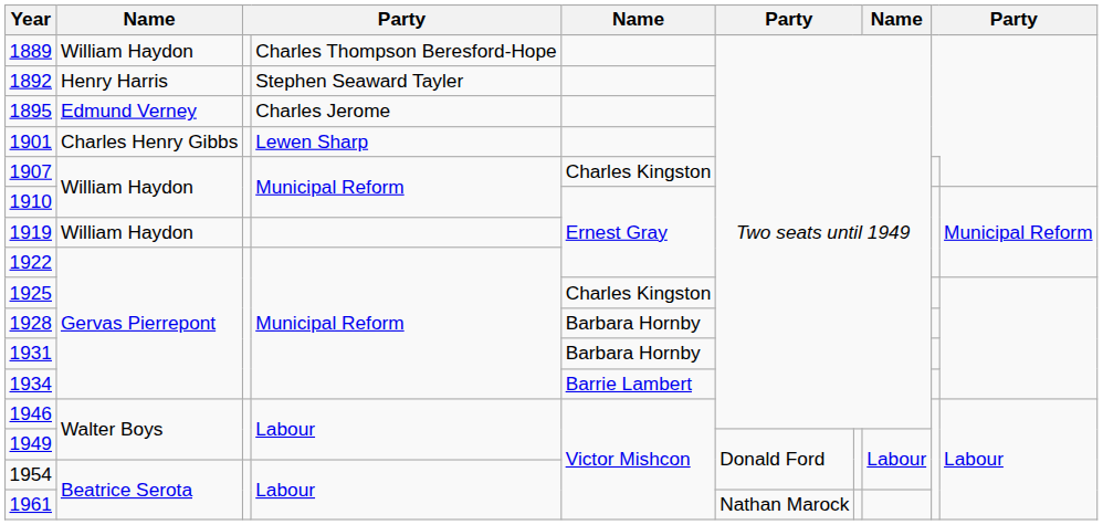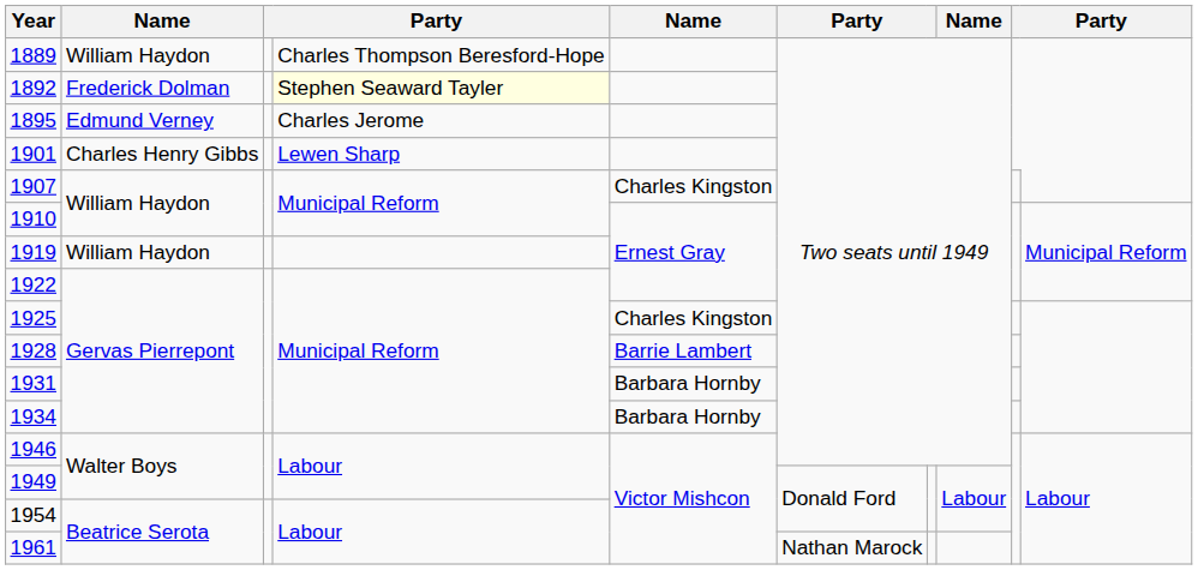 <table class="wikitable">
 <tr>
 <th>Year</th>
 <th>Name</th>
 <th colspan=2>Party</th>
 <th>Name</th>
 <th colspan=2>Party</th>
 <th>Name</th>
 <th colspan=2>Party</th>
 </tr>
 <tr>
 <td><a href='#'>1889</a></td>
 <td>William Haydon</td>
 <td></td>
 <td>Charles Thompson Beresford-Hope</td>
 <td></td>
 <td rowspan=13 colspan=3 align="center"><em>Two seats until 1949</em></td>
 </tr>
 <tr>
 <td><a href='#'>1892</a></td>
-<td>Henry Harris</td>
+<td><a href='#'>Frederick Dolman</a></td>
 <td></td>
-<td>Stephen Seaward Tayler</td>
+<td style="background: lightyellow;">Stephen Seaward Tayler</td>
 <td></td>
 </tr>
 <tr>
 <td><a href='#'>1895</a></td>
 <td><a href='#'>Edmund Verney</a></td>
 <td></td>
 <td>Charles Jerome</td>
 <td></td>
 </tr>
 <tr>
 <td><a href='#'>1901</a></td>
 <td>Charles Henry Gibbs</td>
 <td></td>
 <td><a href='#'>Lewen Sharp</a></td>
 <td></td>
 </tr>
 <tr>
 <td><a href='#'>1907</a></td>
 <td rowspan=2>William Haydon</td>
 <td rowspan=2 style="background-color: "></td>
 <td rowspan=2><a href='#'>Municipal Reform</a></td>
 <td>Charles Kingston</td>
 <td></td>
 </tr>
 <tr>
 <td><a href='#'>1910</a></td>
 <td rowspan=3><a href='#'>Ernest Gray</a></td>
 <td rowspan=3 style="background-color: "></td>
 <td rowspan=3><a href='#'>Municipal Reform</a></td>
 </tr>
 <tr>
 <td><a href='#'>1919</a></td>
 <td>William Haydon</td>
 <td></td>
 </tr>
 <tr>
 <td><a href='#'>1922</a></td>
 <td rowspan=5><a href='#'>Gervas Pierrepont</a></td>
 <td rowspan=5 style="background-color: "></td>
 <td rowspan=5><a href='#'>Municipal Reform</a></td>
 </tr>
 <tr>
 <td><a href='#'>1925</a></td>
 <td>Charles Kingston</td>
 <td></td>
 </tr>
 <tr>
 <td><a href='#'>1928</a></td>
-<td>Barbara Hornby</td>
+<td><a href='#'>Barrie Lambert</a></td>
 <td></td>
 </tr>
 <tr>
 <td><a href='#'>1931</a></td>
 <td>Barbara Hornby</td>
 <td></td>
 </tr>
 <tr>
 <td><a href='#'>1934</a></td>
-<td><a href='#'>Barrie Lambert</a></td>
+<td>Barbara Hornby</td>
 <td></td>
 </tr>
 <tr>
 <td><a href='#'>1946</a></td>
 <td rowspan=2>Walter Boys</td>
 <td rowspan=2 style="background-color: "></td>
 <td rowspan=2><a href='#'>Labour</a></td>
 <td rowspan=4><a href='#'>Victor Mishcon</a></td>
 <td rowspan=4 style="background-color: "></td>
 <td rowspan=4><a href='#'>Labour</a></td>
 </tr>
 <tr>
 <td><a href='#'>1949</a></td>
 <td rowspan=2>Donald Ford</td>
 <td rowspan=2 style="background-color: "></td>
 <td rowspan=2><a href='#'>Labour</a></td>
 </tr>
 <tr>
 <td>1954</td>
 <td rowspan=2><a href='#'>Beatrice Serota</a></td>
 <td rowspan=2 style="background-color: "></td>
 <td rowspan=2><a href='#'>Labour</a></td>
 </tr>
 <tr>
 <td><a href='#'>1961</a></td>
 <td>Nathan Marock</td>
 <td></td>
 </tr>
 </table>
